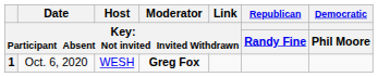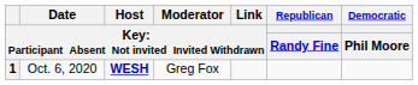 <table class="wikitable" style="text-align:center;">
 <tr>
 <th scope="col"></th>
 <th scope="col">Date</th>
 <th scope="col">Host</th>
 <th scope="col">Moderator</th>
 <th scope="col">Link</th>
 <th scope="col"><small><a href='#'>Republican</a></small></th>
 <th scope="col"><small><a href='#'>Democratic</a></small></th>
 </tr>
 <tr>
 <th colspan="5" rowspan="2">Key:<br> <small>Participant </small>  <small>Absent </small>  <small>Not invited </small>  <small>Invited  Withdrawn</small></th>
 <th scope="col" style="background:"></th>
 <th scope="col" style="background:"></th>
 </tr>
 <tr>
 <th scope="col"><a href='#'>Randy Fine</a></th>
 <th scope="col">Phil Moore</th>
 </tr>
 <tr>
 <th>1</th>
 <td style="white-space:nowrap;">Oct. 6, 2020</td>
-<td style="white-space:nowrap;"><a href='#'>WESH</a></td>
-<td style="white-space:nowrap;"><strong>Greg Fox</strong></td>
+<td style="white-space:nowrap;"><strong><a href='#'>WESH</a></strong></td>
+<td style="white-space:nowrap;">Greg Fox</td>
 <td style="white-space:nowrap;"></td>
 <td></td>
 <td></td>
 </tr>
 </table>
